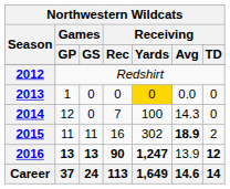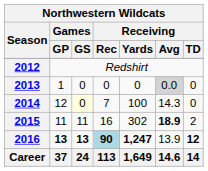 <table class="wikitable" style="text-align:center;">
 <tr>
 <th colspan="11">Northwestern Wildcats</th>
 </tr>
 <tr>
 <th rowspan="2">Season</th>
 <th colspan="2">Games</th>
 <th colspan="4">Receiving</th>
 </tr>
 <tr>
 <th>GP</th>
 <th>GS</th>
 <th>Rec</th>
 <th>Yards</th>
 <th>Avg</th>
 <th>TD</th>
 </tr>
 <tr>
 </tr>
 <tr>
 <th><a href='#'>2012</a></th>
 <td colspan="11"><em>Redshirt </em></td>
 </tr>
 <tr>
 <th><a href='#'>2013</a></th>
 <td>1</td>
 <td>0</td>
 <td>0</td>
-<td style="background: gold;">0</td>
-<td>0.0</td>
+<td>0</td>
+<td style="background: lightgrey;">0.0</td>
 <td>0</td>
 </tr>
 <tr>
 <th><a href='#'>2014</a></th>
 <td>12</td>
-<td>0</td>
+<td style="background: lightyellow;">0</td>
 <td>7</td>
 <td>100</td>
 <td>14.3</td>
 <td>0</td>
 </tr>
 <tr>
 <th><a href='#'>2015</a></th>
 <td>11</td>
 <td>11</td>
 <td>16</td>
 <td>302</td>
 <td><strong>18.9</strong></td>
 <td>2</td>
 </tr>
 <tr>
 <th><a href='#'>2016</a></th>
 <td><strong>13</strong></td>
 <td><strong>13</strong></td>
-<td><strong>90</strong></td>
+<td style="background: lightblue;"><strong>90</strong></td>
 <td><strong>1,247</strong></td>
 <td>13.9</td>
 <td><strong>12</strong></td>
 </tr>
 <tr>
 <th>Career</th>
 <th>37</th>
 <th>24</th>
 <th>113</th>
 <th>1,649</th>
 <th>14.6</th>
 <th>14</th>
 </tr>
 </table>
